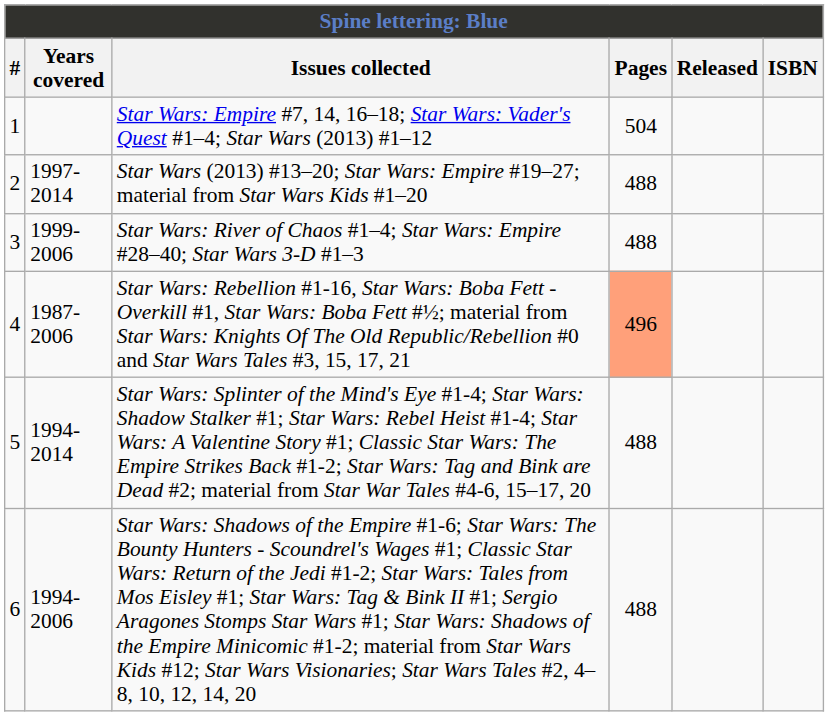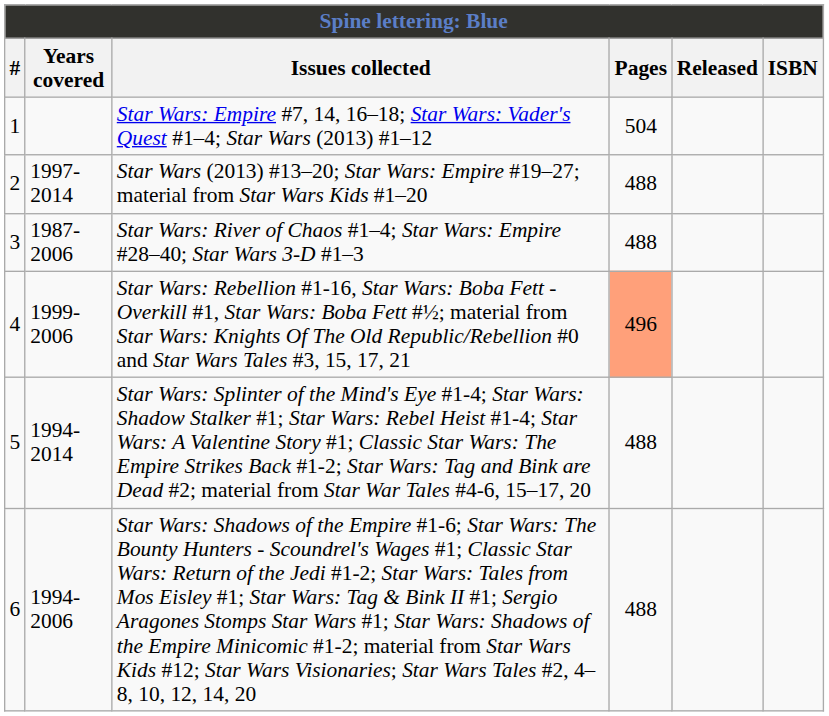 <table class="wikitable sortable" width=98%>
 <tr>
 <th colspan=6 style="background-color: #31312D; color: #5B7EC7;">Spine lettering: Blue</th>
 </tr>
 <tr>
 <th class="unsortable">#</th>
 <th>Years covered</th>
 <th class="unsortable">Issues collected</th>
 <th class="unsortable">Pages</th>
 <th>Released</th>
 <th class="unsortable">ISBN</th>
 </tr>
 <tr>
 <td>1</td>
 <td></td>
 <td><em><a href='#'>Star Wars: Empire</a></em> #7, 14, 16–18; <em><a href='#'>Star Wars: Vader's Quest</a></em> #1–4; <em>Star Wars</em> (2013) #1–12</td>
 <td style="text-align: center;">504</td>
 <td></td>
 <td></td>
 </tr>
 <tr>
 <td>2</td>
 <td>1997-2014</td>
 <td><em>Star Wars</em> (2013) #13–20; <em>Star Wars: Empire</em> #19–27; material from <em>Star Wars Kids</em> #1–20</td>
 <td style="text-align: center;">488</td>
 <td></td>
 <td></td>
 </tr>
 <tr>
 <td>3</td>
-<td>1999-2006</td>
+<td>1987-2006</td>
 <td><em>Star Wars: River of Chaos</em> #1–4; <em>Star Wars: Empire</em> #28–40; <em>Star Wars 3-D</em> #1–3</td>
 <td style="text-align: center;">488</td>
 <td></td>
 <td></td>
 </tr>
 <tr>
 <td>4</td>
-<td>1987-2006</td>
+<td>1999-2006</td>
 <td><em>Star Wars: Rebellion</em> #1-16, <em>Star Wars: Boba  Fett - Overkill</em> #1, <em>Star Wars: Boba Fett</em> #½; material from <em>Star Wars: Knights Of The Old Republic/Rebellion</em> #0 and <em>Star Wars Tales</em>  #3, 15, 17, 21</td>
 <td style="background: lightsalmon; text-align: center;">496</td>
 <td></td>
 <td></td>
 </tr>
 <tr>
 <td>5</td>
 <td>1994-2014</td>
 <td><em>Star Wars: Splinter of the Mind's Eye</em> #1-4; <em>Star Wars: Shadow Stalker</em> #1; <em>Star Wars: Rebel Heist</em> #1-4; <em>Star Wars: A Valentine Story</em> #1; <em>Classic Star Wars: The Empire Strikes Back</em> #1-2; <em>Star Wars: Tag and Bink are Dead</em> #2; material from <em>Star War Tales</em> #4-6, 15–17, 20</td>
 <td style="text-align: center;">488</td>
 <td></td>
 <td></td>
 </tr>
 <tr>
 <td>6</td>
 <td>1994-2006</td>
 <td><em>Star Wars: Shadows of the Empire</em> #1-6; <em>Star Wars: The Bounty Hunters - Scoundrel's Wages</em> #1; <em>Classic Star Wars: Return of the Jedi</em> #1-2; <em>Star Wars: Tales from Mos Eisley</em> #1; <em>Star Wars: Tag & Bink II</em> #1; <em>Sergio Aragones Stomps Star Wars</em> #1; <em>Star Wars: Shadows of the Empire Minicomic</em> #1-2; material from <em>Star Wars Kids</em> #12; <em>Star Wars Visionaries</em>; <em>Star Wars Tales</em> #2, 4–8, 10, 12, 14, 20</td>
 <td style="text-align: center;">488</td>
 <td></td>
 <td></td>
 </tr>
 </table>
